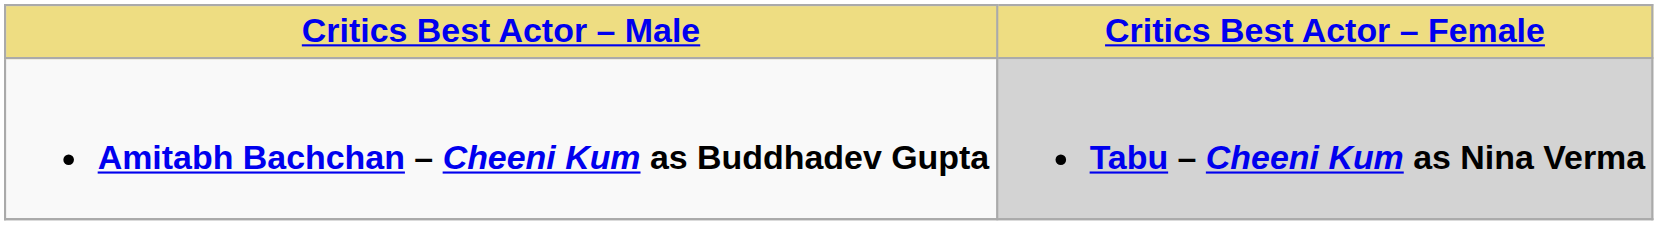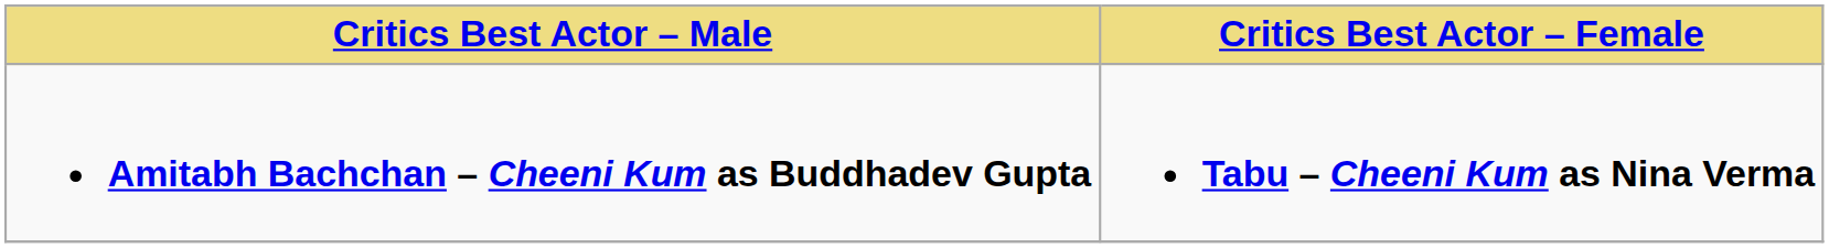 <table class="wikitable">
 <tr>
 <th ! style="background:#eedd82; text-align:center;"><a href='#'>Critics Best Actor – Male</a></th>
 <th ! style="background:#EEDD82;text-align:center;"><a href='#'>Critics Best Actor – Female</a></th>
 </tr>
 <tr>
 <td valign="top"><br><ul><li><strong><a href='#'>Amitabh Bachchan</a> – <em><a href='#'>Cheeni Kum</a></em> as Buddhadev Gupta</strong></li></ul></td>
-<td valign="top" style="background: lightgrey;"><br><ul><li><strong><a href='#'>Tabu</a> – <em><a href='#'>Cheeni Kum</a></em> as Nina Verma</strong></li></ul></td>
+<td valign="top"><br><ul><li><strong><a href='#'>Tabu</a> – <em><a href='#'>Cheeni Kum</a></em> as Nina Verma</strong></li></ul></td>
 </tr>
 <tr>
 </tr>
 </table>
